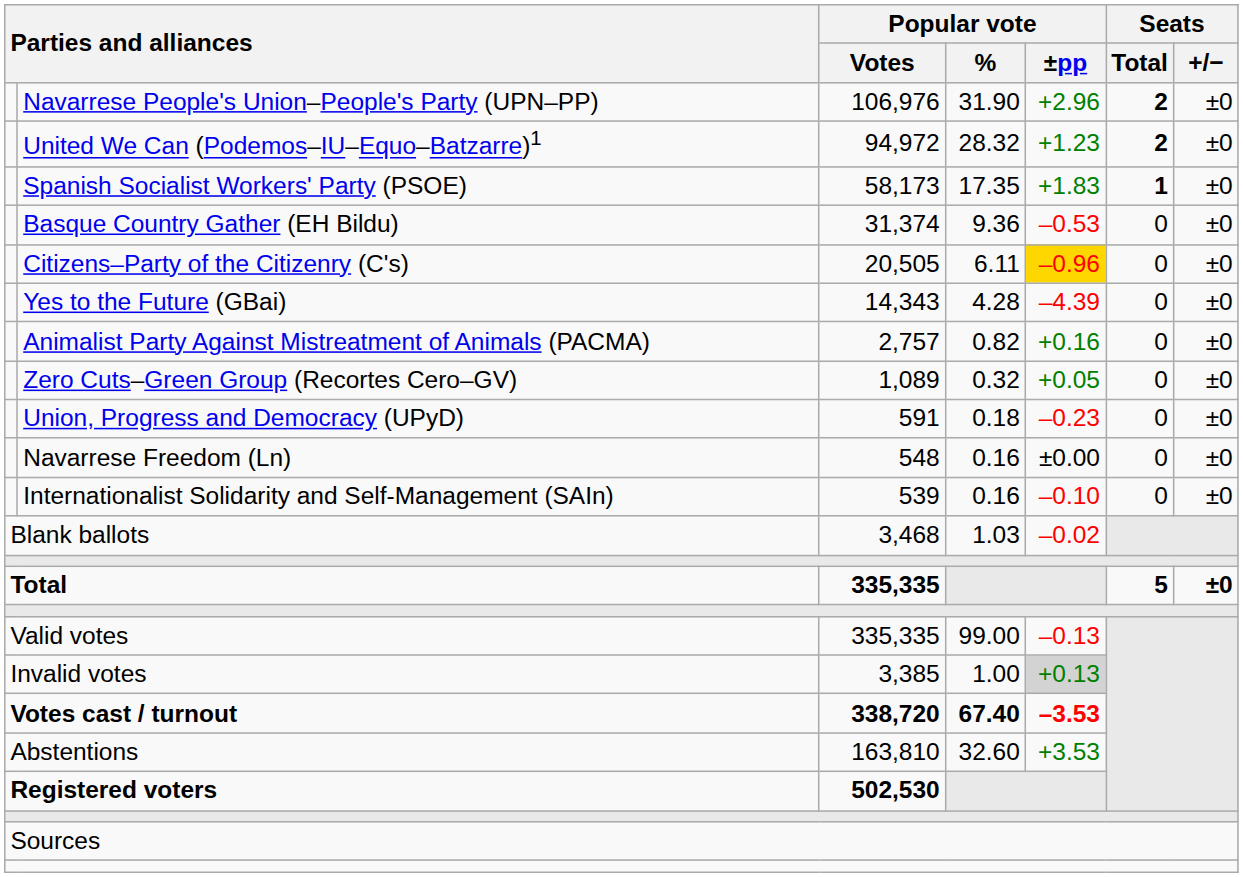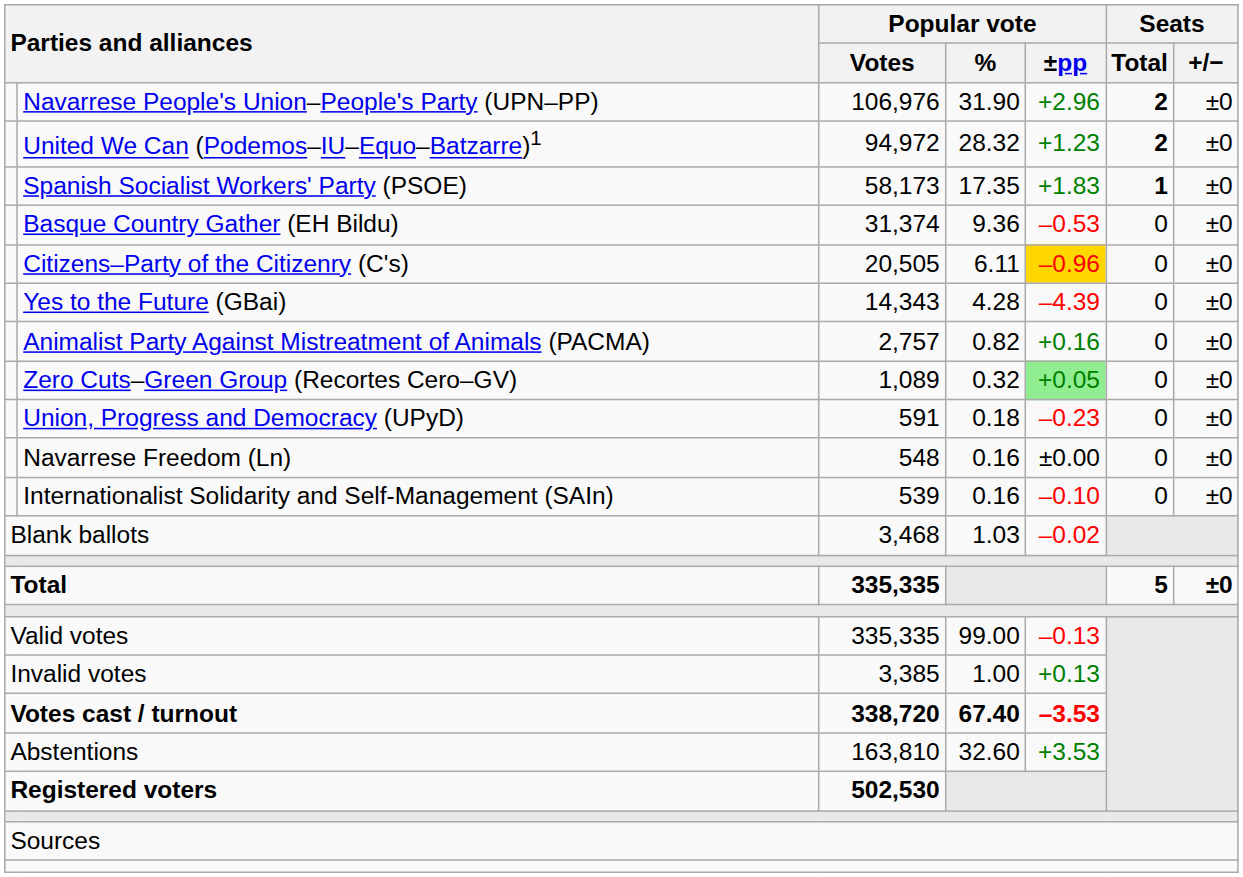 <table class="wikitable" style="text-align:right;">
 <tr>
 <th style="text-align:left;" rowspan="2" colspan="2" width="525">Parties and alliances</th>
 <th colspan="3">Popular vote</th>
 <th colspan="2">Seats</th>
 </tr>
 <tr>
 <th width="75">Votes</th>
 <th width="45">%</th>
 <th width="45">±<a href='#'>pp</a></th>
 <th width="35">Total</th>
 <th width="35">+/−</th>
 </tr>
 <tr>
 <td width="1" style="color:inherit;background:"></td>
 <td align="left"><a href='#'>Navarrese People's Union</a>–<a href='#'>People's Party</a> (UPN–PP)</td>
 <td>106,976</td>
 <td>31.90</td>
 <td style="color:green;">+2.96</td>
 <td><strong>2</strong></td>
 <td>±0</td>
 </tr>
 <tr>
 <td style="color:inherit;background:"></td>
 <td align="left"><a href='#'>United We Can</a> (<a href='#'>Podemos</a>–<a href='#'>IU</a>–<a href='#'>Equo</a>–<a href='#'>Batzarre</a>)<sup>1</sup></td>
 <td>94,972</td>
 <td>28.32</td>
 <td style="color:green;">+1.23</td>
 <td><strong>2</strong></td>
 <td>±0</td>
 </tr>
 <tr>
 <td style="color:inherit;background:"></td>
 <td align="left"><a href='#'>Spanish Socialist Workers' Party</a> (PSOE)</td>
 <td>58,173</td>
 <td>17.35</td>
 <td style="color:green;">+1.83</td>
 <td><strong>1</strong></td>
 <td>±0</td>
 </tr>
 <tr>
 <td style="color:inherit;background:"></td>
 <td align="left"><a href='#'>Basque Country Gather</a> (EH Bildu)</td>
 <td>31,374</td>
 <td>9.36</td>
 <td style="color:red;">–0.53</td>
 <td>0</td>
 <td>±0</td>
 </tr>
 <tr>
 <td style="color:inherit;background:"></td>
 <td align="left"><a href='#'>Citizens–Party of the Citizenry</a> (C's)</td>
 <td>20,505</td>
 <td>6.11</td>
 <td style="background: gold; color:red;">–0.96</td>
 <td>0</td>
 <td>±0</td>
 </tr>
 <tr>
 <td style="color:inherit;background:"></td>
 <td align="left"><a href='#'>Yes to the Future</a> (GBai)</td>
 <td>14,343</td>
 <td>4.28</td>
 <td style="color:red;">–4.39</td>
 <td>0</td>
 <td>±0</td>
 </tr>
 <tr>
 <td style="color:inherit;background:"></td>
 <td align="left"><a href='#'>Animalist Party Against Mistreatment of Animals</a> (PACMA)</td>
 <td>2,757</td>
 <td>0.82</td>
 <td style="color:green;">+0.16</td>
 <td>0</td>
 <td>±0</td>
 </tr>
 <tr>
 <td style="color:inherit;background:"></td>
 <td align="left"><a href='#'>Zero Cuts</a>–<a href='#'>Green Group</a> (Recortes Cero–GV)</td>
 <td>1,089</td>
 <td>0.32</td>
-<td style="color:green;">+0.05</td>
+<td style="background: lightgreen; color:green;">+0.05</td>
 <td>0</td>
 <td>±0</td>
 </tr>
 <tr>
 <td style="color:inherit;background:"></td>
 <td align="left"><a href='#'>Union, Progress and Democracy</a> (UPyD)</td>
 <td>591</td>
 <td>0.18</td>
 <td style="color:red;">–0.23</td>
 <td>0</td>
 <td>±0</td>
 </tr>
 <tr>
 <td style="color:inherit;background:"></td>
 <td align="left">Navarrese Freedom (Ln)</td>
 <td>548</td>
 <td>0.16</td>
 <td>±0.00</td>
 <td>0</td>
 <td>±0</td>
 </tr>
 <tr>
 <td style="color:inherit;background:"></td>
 <td align="left">Internationalist Solidarity and Self-Management (SAIn)</td>
 <td>539</td>
 <td>0.16</td>
 <td style="color:red;">–0.10</td>
 <td>0</td>
 <td>±0</td>
 </tr>
 <tr>
 <td align="left" colspan="2">Blank ballots</td>
 <td>3,468</td>
 <td>1.03</td>
 <td style="color:red;">–0.02</td>
 <td bgcolor="#E9E9E9" colspan="2"></td>
 </tr>
 <tr>
 <td colspan="7" bgcolor="#E9E9E9"></td>
 </tr>
 <tr style="font-weight:bold;">
 <td align="left" colspan="2">Total</td>
 <td>335,335</td>
 <td bgcolor="#E9E9E9" colspan="2"></td>
 <td>5</td>
 <td>±0</td>
 </tr>
 <tr>
 <td colspan="7" bgcolor="#E9E9E9"></td>
 </tr>
 <tr>
 <td align="left" colspan="2">Valid votes</td>
 <td>335,335</td>
 <td>99.00</td>
 <td style="color:red;">–0.13</td>
 <td bgcolor="#E9E9E9" colspan="2" rowspan="5"></td>
 </tr>
 <tr>
 <td align="left" colspan="2">Invalid votes</td>
 <td>3,385</td>
 <td>1.00</td>
-<td style="background: lightgrey; color:green;">+0.13</td>
+<td style="color:green;">+0.13</td>
 </tr>
 <tr style="font-weight:bold;">
 <td align="left" colspan="2">Votes cast / turnout</td>
 <td>338,720</td>
 <td>67.40</td>
 <td style="color:red;">–3.53</td>
 </tr>
 <tr>
 <td align="left" colspan="2">Abstentions</td>
 <td>163,810</td>
 <td>32.60</td>
 <td style="color:green;">+3.53</td>
 </tr>
 <tr style="font-weight:bold;">
 <td align="left" colspan="2">Registered voters</td>
 <td>502,530</td>
 <td bgcolor="#E9E9E9" colspan="2"></td>
 </tr>
 <tr>
 <td colspan="7" bgcolor="#E9E9E9"></td>
 </tr>
 <tr>
 <td align="left" colspan="7">Sources</td>
 </tr>
 <tr>
 <td colspan="7" style="text-align:left; max-width:790px;"></td>
 </tr>
 </table>
